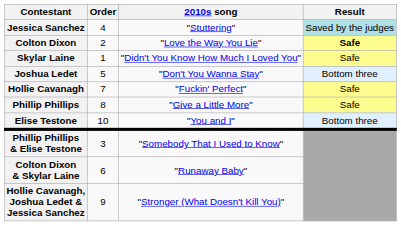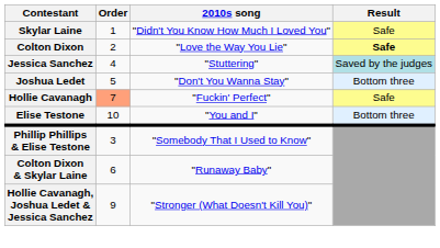 <table class="wikitable unsortable" style="text-align:center;">
 <tr>
 <th scope="col">Contestant</th>
 <th scope="col">Order</th>
 <th scope="col"><a href='#'>2010s</a> song</th>
 <th scope="col">Result</th>
 </tr>
 <tr>
-<th scope="row">Jessica Sanchez</th>
-<td>4</td>
-<td>"<a href='#'>Stuttering</a>"</td>
-<td bgcolor="B0E0E6">Saved by the judges</td>
+<th scope="row">Skylar Laine</th>
+<td>1</td>
+<td>"<a href='#'>Didn't You Know How Much I Loved You</a>"</td>
+<td style="background:#FDFC8F">Safe</td>
 </tr>
 <tr>
 <th scope="row">Colton Dixon</th>
 <td>2</td>
 <td>"<a href='#'>Love the Way You Lie</a>"</td>
 <td style="background:#FDFC8F"><strong>Safe</strong></td>
 </tr>
 <tr>
-<th scope="row">Skylar Laine</th>
-<td>1</td>
-<td>"<a href='#'>Didn't You Know How Much I Loved You</a>"</td>
-<td style="background:#FDFC8F">Safe</td>
+<th scope="row">Jessica Sanchez</th>
+<td>4</td>
+<td>"<a href='#'>Stuttering</a>"</td>
+<td bgcolor="B0E0E6">Saved by the judges</td>
 </tr>
 <tr>
 <th scope="row">Joshua Ledet</th>
 <td>5</td>
 <td>"<a href='#'>Don't You Wanna Stay</a>"</td>
 <td bgcolor="E0F0FF">Bottom three</td>
 </tr>
 <tr>
 <th scope="row">Hollie Cavanagh</th>
-<td>7</td>
+<td style="background: lightsalmon;">7</td>
 <td>"<a href='#'>Fuckin' Perfect</a>"</td>
-<td style="background:#FDFC8F">Safe</td>
-</tr>
-<tr>
-<th scope="row">Phillip Phillips</th>
-<td>8</td>
-<td>"<a href='#'>Give a Little More</a>"</td>
 <td style="background:#FDFC8F">Safe</td>
 </tr>
 <tr>
 <th scope="row">Elise Testone</th>
 <td>10</td>
 <td>"<a href='#'>You and I</a>"</td>
 <td bgcolor="E0F0FF">Bottom three</td>
 </tr>
 <tr style="border-top:5px solid">
 <th scope="row">Phillip Phillips<br>& Elise Testone</th>
 <td>3</td>
 <td>"<a href='#'>Somebody That I Used to Know</a>"</td>
 <td rowspan="3" bgcolor="darkgray"></td>
 </tr>
 <tr>
 <th scope="row">Colton Dixon<br>& Skylar Laine</th>
 <td>6</td>
 <td>"<a href='#'>Runaway Baby</a>"</td>
 </tr>
 <tr>
 <th scope="row">Hollie Cavanagh,<br>Joshua Ledet &<br>Jessica Sanchez</th>
 <td>9</td>
 <td>"<a href='#'>Stronger (What Doesn't Kill You)</a>"</td>
 </tr>
 </table>
